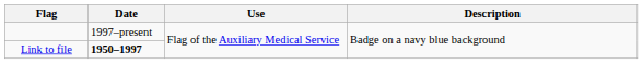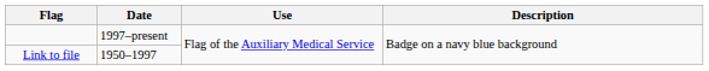 <table class="wikitable" style="background:#f9f9f9">
 <tr>
 <th width="110">Flag</th>
 <th width="100">Date</th>
 <th width="250">Use</th>
 <th width="400">Description</th>
 </tr>
 <tr>
 <td></td>
 <td>1997–present</td>
 <td rowspan="2">Flag of the <a href='#'>Auxiliary Medical Service</a></td>
 <td rowspan="2">Badge on a navy blue background</td>
 </tr>
 <tr>
 <td style="text-align:center;"><a href='#'>Link to file</a></td>
-<td><strong>1950–1997</strong></td>
+<td>1950–1997</td>
 </tr>
 </table>
